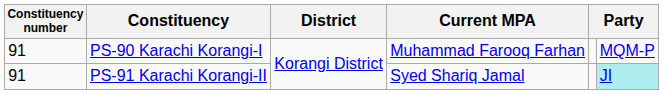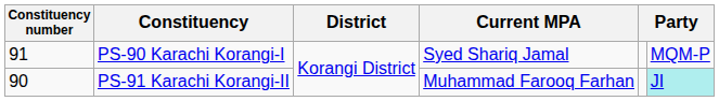 <table class="wikitable">
 <tr>
 <th width="50px" style="font-size:75%">Constituency number</th>
 <th>Constituency</th>
 <th>District</th>
 <th>Current MPA</th>
 <th colspan="2">Party</th>
 </tr>
 <tr>
 <td>91</td>
 <td><a href='#'>PS-90 Karachi Korangi-I</a></td>
 <td rowspan="2"><a href='#'>Korangi District</a></td>
-<td><a href='#'>Muhammad Farooq Farhan</a></td>
+<td><a href='#'>Syed Shariq Jamal</a></td>
 <td></td>
 <td><a href='#'>MQM-P</a></td>
 </tr>
 <tr>
-<td>91</td>
+<td>90</td>
 <td><a href='#'>PS-91 Karachi Korangi-II</a></td>
-<td><a href='#'>Syed Shariq Jamal</a></td>
+<td><a href='#'>Muhammad Farooq Farhan</a></td>
 <td></td>
 <td style="background: paleturquoise;"><a href='#'>JI</a></td>
 </tr>
 <tr>
 </tr>
 </table>
